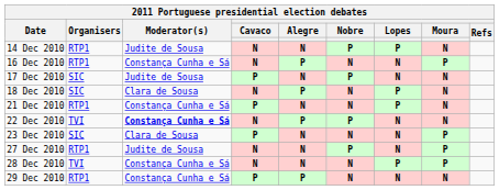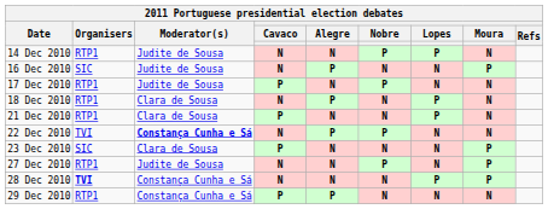 <table class="wikitable" style="font-size:98%; text-align:center">
 <tr>
 <th colspan="21">2011 Portuguese presidential election debates</th>
 </tr>
 <tr>
 <th rowspan="3">Date</th>
 <th rowspan="3">Organisers</th>
 <th rowspan="3">Moderator(s)</th>
 <th colspan="18">      </th>
 </tr>
 <tr>
 <th scope="col" style="width:5em;">Cavaco</th>
 <th scope="col" style="width:5em;">Alegre</th>
 <th scope="col" style="width:5em;">Nobre</th>
 <th scope="col" style="width:5em;">Lopes</th>
 <th scope="col" style="width:5em;">Moura</th>
 <th rowspan="2">Refs</th>
 </tr>
 <tr>
 <th style="background:"></th>
 <th style="background:"></th>
 <th style="background:"></th>
 <th style="background:"></th>
 <th style="background:"></th>
 </tr>
 <tr>
 <td style="white-space:nowrap; text-align:left;">14 Dec 2010</td>
 <td style="white-space:nowrap; text-align:left;"><a href='#'>RTP1</a></td>
 <td style="white-space:nowrap; text-align:left;"><a href='#'>Judite de Sousa</a></td>
 <td style="background:#FFD0D0;"><strong>N</strong></td>
 <td style="background:#FFD0D0;"><strong>N</strong></td>
 <td style="background:#D0FFD0;"><strong>P</strong></td>
 <td style="background:#D0FFD0;"><strong>P</strong></td>
 <td style="background:#FFD0D0;"><strong>N</strong></td>
 <td></td>
 </tr>
 <tr>
 <td style="white-space:nowrap; text-align:left;">16 Dec 2010</td>
-<td style="white-space:nowrap; text-align:left;"><a href='#'>RTP1</a></td>
-<td style="white-space:nowrap; text-align:left;"><a href='#'>Constança Cunha e Sá</a></td>
+<td style="white-space:nowrap; text-align:left;"><a href='#'>SIC</a></td>
+<td style="white-space:nowrap; text-align:left;"><a href='#'>Judite de Sousa</a></td>
 <td style="background:#FFD0D0;"><strong>N</strong></td>
 <td style="background:#D0FFD0;"><strong>P</strong></td>
 <td style="background:#FFD0D0;"><strong>N</strong></td>
 <td style="background:#FFD0D0;"><strong>N</strong></td>
 <td style="background:#D0FFD0;"><strong>P</strong></td>
 <td></td>
 </tr>
 <tr>
 <td style="white-space:nowrap; text-align:left;">17 Dec 2010</td>
-<td style="white-space:nowrap; text-align:left;"><a href='#'>SIC</a></td>
+<td style="white-space:nowrap; text-align:left;"><a href='#'>RTP1</a></td>
 <td style="white-space:nowrap; text-align:left;"><a href='#'>Judite de Sousa</a></td>
 <td style="background:#D0FFD0;"><strong>P</strong></td>
 <td style="background:#FFD0D0;"><strong>N</strong></td>
 <td style="background:#D0FFD0;"><strong>P</strong></td>
 <td style="background:#FFD0D0;"><strong>N</strong></td>
 <td style="background:#FFD0D0;"><strong>N</strong></td>
 <td></td>
 </tr>
 <tr>
 <td style="white-space:nowrap; text-align:left;">18 Dec 2010</td>
-<td style="white-space:nowrap; text-align:left;"><a href='#'>SIC</a></td>
+<td style="white-space:nowrap; text-align:left;"><a href='#'>RTP1</a></td>
 <td style="white-space:nowrap; text-align:left;"><a href='#'>Clara de Sousa</a></td>
 <td style="background:#FFD0D0;"><strong>N</strong></td>
 <td style="background:#D0FFD0;"><strong>P</strong></td>
 <td style="background:#FFD0D0;"><strong>N</strong></td>
 <td style="background:#D0FFD0;"><strong>P</strong></td>
 <td style="background:#FFD0D0;"><strong>N</strong></td>
 <td></td>
 </tr>
 <tr>
 <td style="white-space:nowrap; text-align:left;">21 Dec 2010</td>
 <td style="white-space:nowrap; text-align:left;"><a href='#'>RTP1</a></td>
-<td style="white-space:nowrap; text-align:left;"><a href='#'>Constança Cunha e Sá</a></td>
+<td style="white-space:nowrap; text-align:left;"><a href='#'>Clara de Sousa</a></td>
 <td style="background:#D0FFD0;"><strong>P</strong></td>
 <td style="background:#FFD0D0;"><strong>N</strong></td>
 <td style="background:#FFD0D0;"><strong>N</strong></td>
 <td style="background:#D0FFD0;"><strong>P</strong></td>
 <td style="background:#FFD0D0;"><strong>N</strong></td>
 <td></td>
 </tr>
 <tr>
 <td style="white-space:nowrap; text-align:left;">22 Dec 2010</td>
 <td style="white-space:nowrap; text-align:left;"><a href='#'>TVI</a></td>
 <td style="white-space:nowrap; text-align:left;"><strong><a href='#'>Constança Cunha e Sá</a></strong></td>
 <td style="background:#FFD0D0;"><strong>N</strong></td>
 <td style="background:#D0FFD0;"><strong>P</strong></td>
 <td style="background:#D0FFD0;"><strong>P</strong></td>
 <td style="background:#FFD0D0;"><strong>N</strong></td>
 <td style="background:#FFD0D0;"><strong>N</strong></td>
 <td></td>
 </tr>
 <tr>
 <td style="white-space:nowrap; text-align:left;">23 Dec 2010</td>
 <td style="white-space:nowrap; text-align:left;"><a href='#'>SIC</a></td>
 <td style="white-space:nowrap; text-align:left;"><a href='#'>Clara de Sousa</a></td>
 <td style="background:#D0FFD0;"><strong>P</strong></td>
 <td style="background:#FFD0D0;"><strong>N</strong></td>
 <td style="background:#FFD0D0;"><strong>N</strong></td>
 <td style="background:#FFD0D0;"><strong>N</strong></td>
 <td style="background:#D0FFD0;"><strong>P</strong></td>
 <td></td>
 </tr>
 <tr>
 <td style="white-space:nowrap; text-align:left;">27 Dec 2010</td>
 <td style="white-space:nowrap; text-align:left;"><a href='#'>RTP1</a></td>
 <td style="white-space:nowrap; text-align:left;"><a href='#'>Judite de Sousa</a></td>
 <td style="background:#FFD0D0;"><strong>N</strong></td>
 <td style="background:#FFD0D0;"><strong>N</strong></td>
 <td style="background:#D0FFD0;"><strong>P</strong></td>
 <td style="background:#FFD0D0;"><strong>N</strong></td>
 <td style="background:#D0FFD0;"><strong>P</strong></td>
 <td></td>
 </tr>
 <tr>
 <td style="white-space:nowrap; text-align:left;">28 Dec 2010</td>
-<td style="white-space:nowrap; text-align:left;"><a href='#'>TVI</a></td>
+<td style="white-space:nowrap; text-align:left;"><strong><a href='#'>TVI</a></strong></td>
 <td style="white-space:nowrap; text-align:left;"><a href='#'>Constança Cunha e Sá</a></td>
 <td style="background:#FFD0D0;"><strong>N</strong></td>
 <td style="background:#FFD0D0;"><strong>N</strong></td>
 <td style="background:#FFD0D0;"><strong>N</strong></td>
 <td style="background:#D0FFD0;"><strong>P</strong></td>
 <td style="background:#D0FFD0;"><strong>P</strong></td>
 <td></td>
 </tr>
 <tr>
 <td style="white-space:nowrap; text-align:left;">29 Dec 2010</td>
 <td style="white-space:nowrap; text-align:left;"><a href='#'>RTP1</a></td>
 <td style="white-space:nowrap; text-align:left;"><a href='#'>Constança Cunha e Sá</a></td>
 <td style="background:#D0FFD0;"><strong>P</strong></td>
 <td style="background:#D0FFD0;"><strong>P</strong></td>
 <td style="background:#FFD0D0;"><strong>N</strong></td>
 <td style="background:#FFD0D0;"><strong>N</strong></td>
 <td style="background:#FFD0D0;"><strong>N</strong></td>
 <td></td>
 </tr>
 </table>
